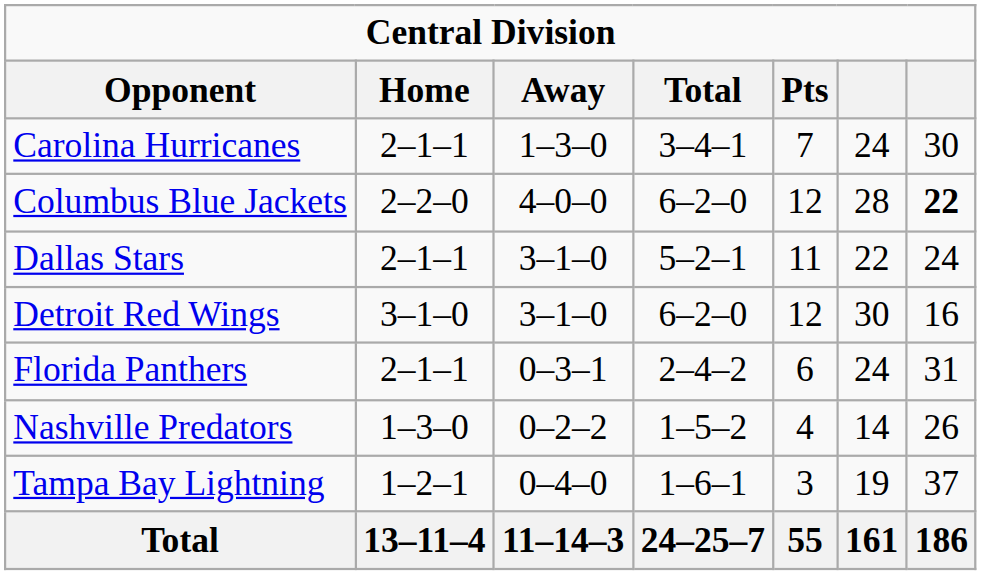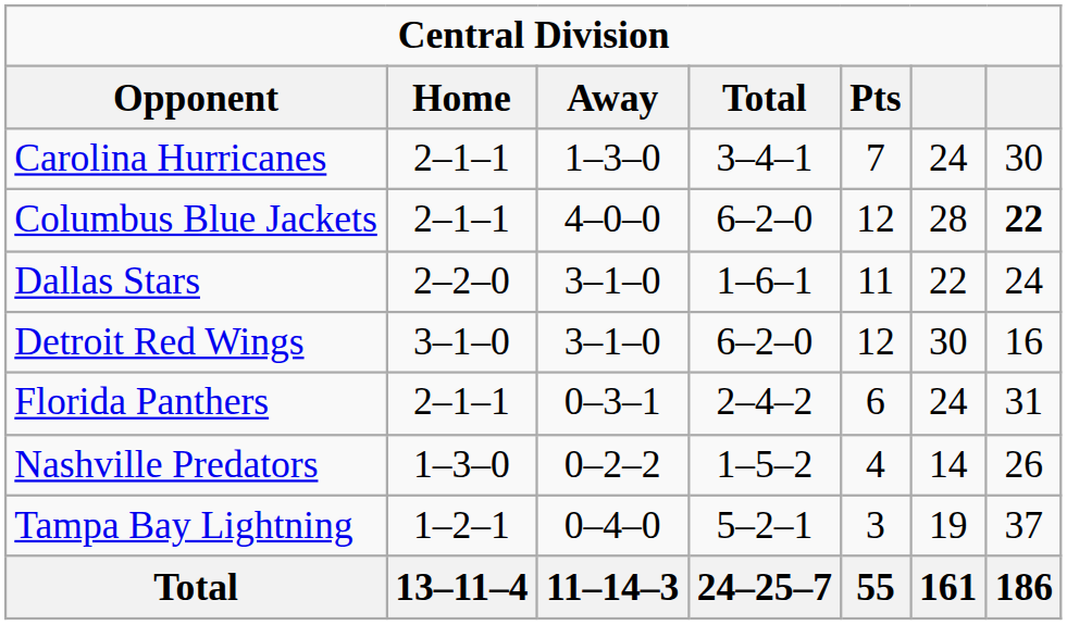 <table class="wikitable" style="font-size:100%; text-align:center;">
 <tr>
 <td colspan="7" style="text-align:center;"><strong>Central Division</strong></td>
 </tr>
 <tr>
 <th>Opponent</th>
 <th>Home</th>
 <th>Away</th>
 <th>Total</th>
 <th>Pts</th>
 <th></th>
 <th></th>
 </tr>
 <tr>
 <td style="text-align:left;"><a href='#'>Carolina Hurricanes</a></td>
 <td>2–1–1</td>
 <td>1–3–0</td>
 <td>3–4–1</td>
 <td>7</td>
 <td>24</td>
 <td>30</td>
 </tr>
 <tr>
 <td style="text-align:left;"><a href='#'>Columbus Blue Jackets</a></td>
-<td>2–2–0</td>
+<td>2–1–1</td>
 <td>4–0–0</td>
 <td>6–2–0</td>
 <td>12</td>
 <td>28</td>
 <td><strong>22</strong></td>
 </tr>
 <tr>
 <td style="text-align:left;"><a href='#'>Dallas Stars</a></td>
-<td>2–1–1</td>
+<td>2–2–0</td>
 <td>3–1–0</td>
-<td>5–2–1</td>
+<td>1–6–1</td>
 <td>11</td>
 <td>22</td>
 <td>24</td>
 </tr>
 <tr>
 <td style="text-align:left;"><a href='#'>Detroit Red Wings</a></td>
 <td>3–1–0</td>
 <td>3–1–0</td>
 <td>6–2–0</td>
 <td>12</td>
 <td>30</td>
 <td>16</td>
 </tr>
 <tr>
 <td style="text-align:left;"><a href='#'>Florida Panthers</a></td>
 <td>2–1–1</td>
 <td>0–3–1</td>
 <td>2–4–2</td>
 <td>6</td>
 <td>24</td>
 <td>31</td>
 </tr>
 <tr>
 <td style="text-align:left;"><a href='#'>Nashville Predators</a></td>
 <td>1–3–0</td>
 <td>0–2–2</td>
 <td>1–5–2</td>
 <td>4</td>
 <td>14</td>
 <td>26</td>
 </tr>
 <tr>
 <td style="text-align:left;"><a href='#'>Tampa Bay Lightning</a></td>
 <td>1–2–1</td>
 <td>0–4–0</td>
-<td>1–6–1</td>
+<td>5–2–1</td>
 <td>3</td>
 <td>19</td>
 <td>37</td>
 </tr>
 <tr>
 <th>Total</th>
 <th>13–11–4</th>
 <th>11–14–3</th>
 <th>24–25–7</th>
 <th>55</th>
 <th>161</th>
 <th>186</th>
 </tr>
 </table>
